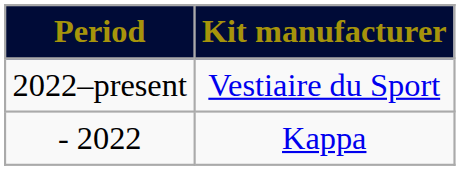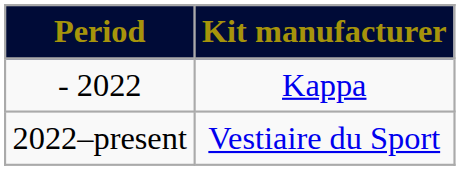 <table class="wikitable" style="font-size: 95%; text-align:center;">
 <tr>
 <th scope=col style="color:#A6940B; background:#000B37">Period</th>
 <th scope=col style="color:#A6940B; background:#000B37">Kit manufacturer</th>
 </tr>
 <tr>
+<td>- 2022</td>
+<td> <a href='#'>Kappa</a></td>
+</tr>
+<tr>
 <td>2022–present</td>
 <td> <a href='#'>Vestiaire du Sport</a></td>
 </tr>
-<tr>
-<td>- 2022</td>
-<td> <a href='#'>Kappa</a></td>
-</tr>
 </table>
